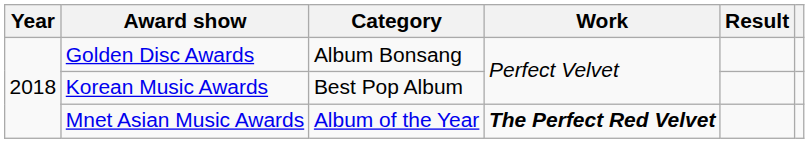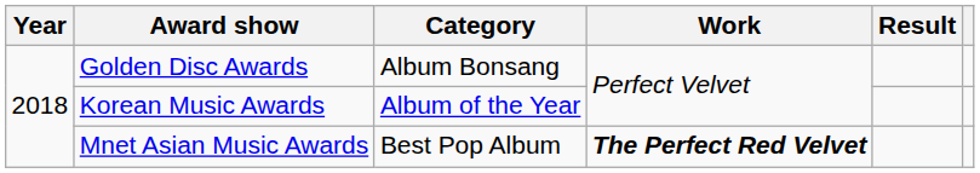 <table class="wikitable">
 <tr>
 <th>Year</th>
 <th>Award show</th>
 <th>Category</th>
 <th>Work</th>
 <th>Result</th>
 <th></th>
 </tr>
 <tr>
 <td rowspan="3">2018</td>
 <td><a href='#'>Golden Disc Awards</a></td>
 <td>Album Bonsang</td>
 <td rowspan="2"><em>Perfect Velvet</em></td>
 <td></td>
 <td style="text-align:center;"></td>
 </tr>
 <tr>
 <td><a href='#'>Korean Music Awards</a></td>
-<td>Best Pop Album</td>
+<td><a href='#'>Album of the Year</a></td>
 <td></td>
 <td style="text-align:center;"></td>
 </tr>
 <tr>
 <td><a href='#'>Mnet Asian Music Awards</a></td>
-<td><a href='#'>Album of the Year</a></td>
+<td>Best Pop Album</td>
 <td><strong><em>The Perfect Red Velvet</em></strong></td>
 <td></td>
 <td style="text-align:center;"></td>
 </tr>
 </table>
